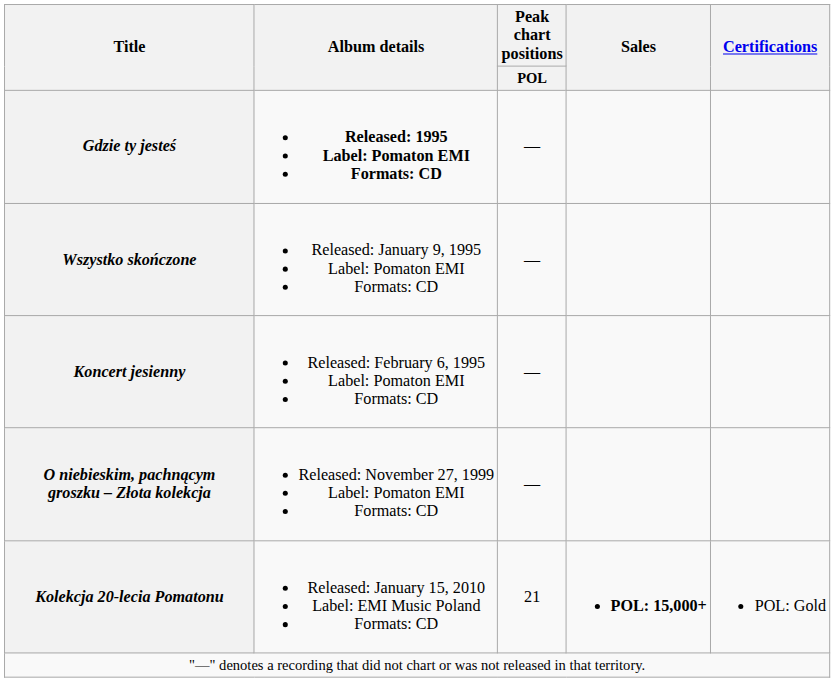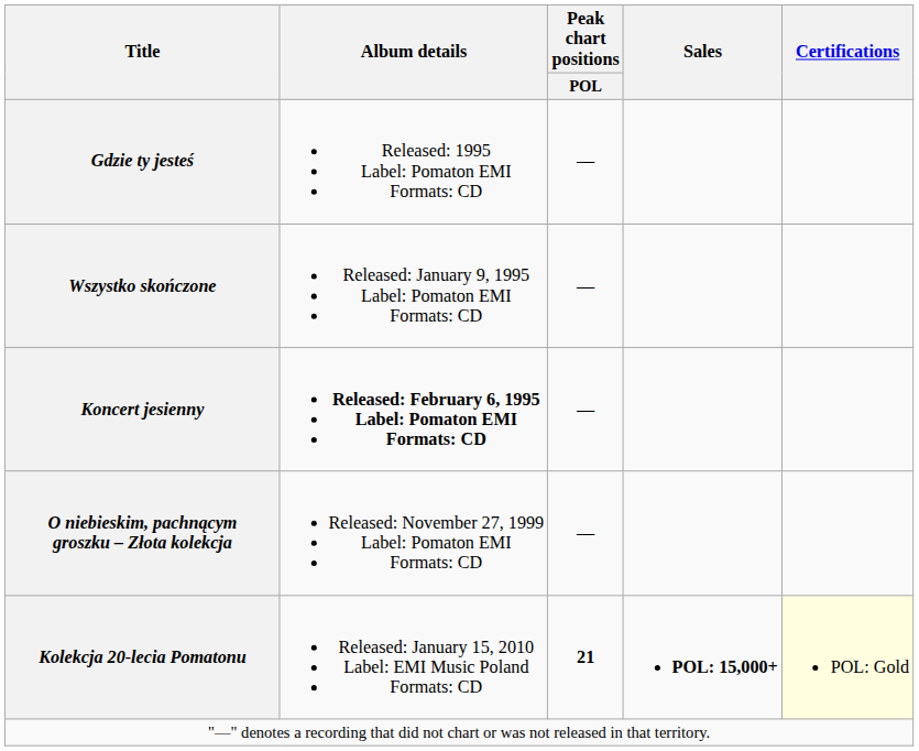 <table class="wikitable plainrowheaders" style="text-align:center;">
 <tr>
 <th scope="col" rowspan="2" style="width:15em;">Title</th>
 <th scope="col" rowspan="2">Album details</th>
 <th scope="col" colspan="1">Peak chart positions</th>
 <th scope="col" rowspan="2">Sales</th>
 <th scope="col" rowspan="2"><a href='#'>Certifications</a></th>
 </tr>
 <tr>
 <th scope="col" style="width:3em;font-size:90%;">POL<br></th>
 </tr>
 <tr>
 <th scope="row"><em>Gdzie ty jesteś</em></th>
-<td><strong><br><ul><li>Released: 1995</li><li>Label: Pomaton EMI</li><li>Formats: CD</li></ul></strong></td>
+<td><br><ul><li>Released: 1995</li><li>Label: Pomaton EMI</li><li>Formats: CD</li></ul></td>
 <td>—</td>
 <td></td>
 <td></td>
 </tr>
 <tr>
 <th scope="row"><em>Wszystko skończone</em></th>
 <td><br><ul><li>Released: January 9, 1995</li><li>Label: Pomaton EMI</li><li>Formats: CD</li></ul></td>
 <td>—</td>
 <td></td>
 <td></td>
 </tr>
 <tr>
 <th scope="row"><em>Koncert jesienny</em></th>
-<td><br><ul><li>Released: February 6, 1995</li><li>Label: Pomaton EMI</li><li>Formats: CD</li></ul></td>
+<td><strong><br><ul><li>Released: February 6, 1995</li><li>Label: Pomaton EMI</li><li>Formats: CD</li></ul></strong></td>
 <td>—</td>
 <td></td>
 <td></td>
 </tr>
 <tr>
 <th scope="row"><em>O niebieskim, pachnącym<br>groszku – Złota kolekcja</em></th>
 <td><br><ul><li>Released: November 27, 1999</li><li>Label: Pomaton EMI</li><li>Formats: CD</li></ul></td>
 <td>—</td>
 <td></td>
 <td></td>
 </tr>
 <tr>
 <th scope="row"><em>Kolekcja 20-lecia Pomatonu</em></th>
 <td><br><ul><li>Released: January 15, 2010</li><li>Label: EMI Music Poland</li><li>Formats: CD</li></ul></td>
-<td>21</td>
+<td><strong>21</strong></td>
 <td><strong><br><ul><li>POL: 15,000+</li></ul></strong></td>
-<td><br><ul><li>POL: Gold</li></ul></td>
+<td style="background: lightyellow;"><br><ul><li>POL: Gold</li></ul></td>
 </tr>
 <tr>
 <td colspan="20" style="font-size:90%">"—" denotes a recording that did not chart or was not released in that territory.</td>
 </tr>
 </table>
